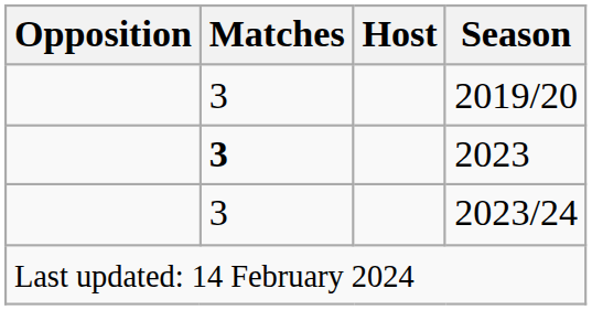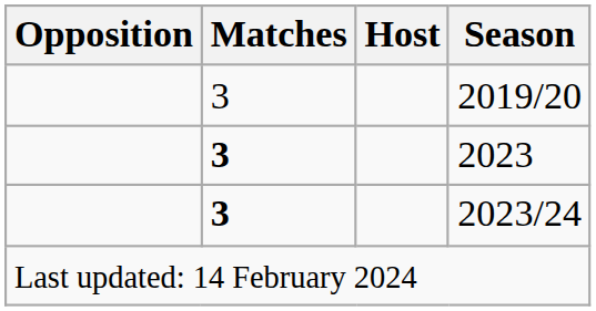 <table class="wikitable plainrowheaders sortable">
 <tr>
 <th scope=col>Opposition</th>
 <th scope=col style="text-align:center">Matches</th>
 <th scope=col>Host</th>
 <th scope=col style="text-align:center">Season</th>
 </tr>
 <tr>
 <td></td>
 <td>3</td>
 <td></td>
 <td>2019/20</td>
 </tr>
 <tr>
 <td></td>
 <td><strong>3</strong></td>
 <td></td>
 <td>2023</td>
 </tr>
 <tr>
 <td></td>
-<td>3</td>
+<td><strong>3</strong></td>
 <td></td>
 <td>2023/24</td>
 </tr>
 <tr class=sortbottom>
 <td colspan=5><small>Last updated: 14 February 2024</small></td>
 </tr>
 </table>
